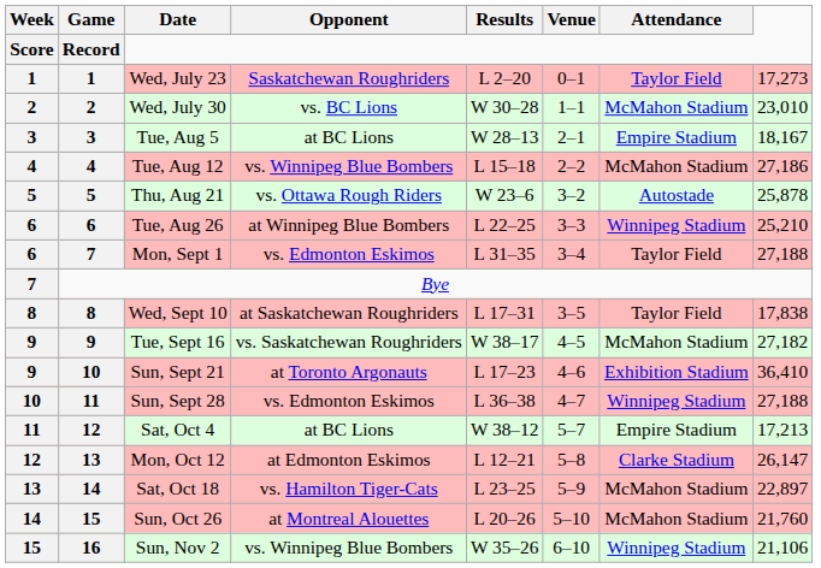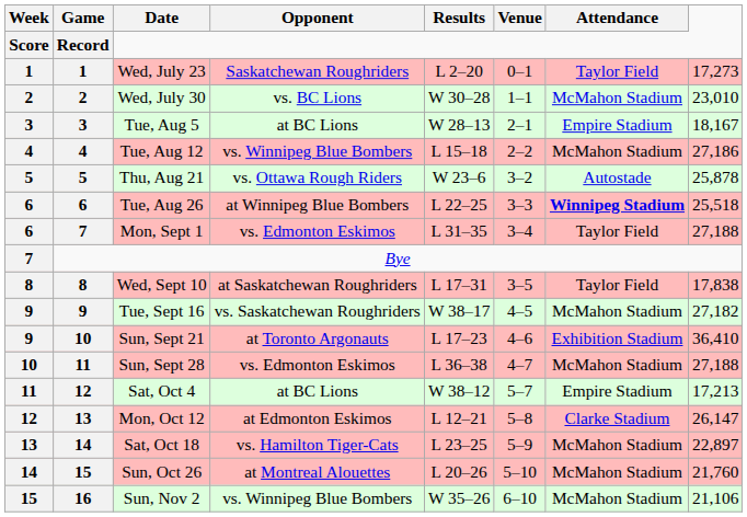 <table class="wikitable" style="text-align:center">
 <tr>
 <th>Week</th>
 <th>Game</th>
 <th>Date</th>
 <th>Opponent</th>
 <th>Results</th>
 <th>Venue</th>
 <th>Attendance</th>
 </tr>
 <tr>
 <th>Score</th>
 <th>Record</th>
 </tr>
 <tr style="background:#ffbbbb">
 <th>1</th>
 <th>1</th>
 <td>Wed, July 23</td>
 <td><a href='#'>Saskatchewan Roughriders</a></td>
 <td>L 2–20</td>
 <td>0–1</td>
 <td><a href='#'>Taylor Field</a></td>
 <td>17,273</td>
 </tr>
 <tr style="background:#ddffdd">
 <th>2</th>
 <th>2</th>
 <td>Wed, July 30</td>
 <td>vs. <a href='#'>BC Lions</a></td>
 <td>W 30–28</td>
 <td>1–1</td>
 <td><a href='#'>McMahon Stadium</a></td>
 <td>23,010</td>
 </tr>
 <tr style="background:#ddffdd">
 <th>3</th>
 <th>3</th>
 <td>Tue, Aug 5</td>
 <td>at BC Lions</td>
 <td>W 28–13</td>
 <td>2–1</td>
 <td><a href='#'>Empire Stadium</a></td>
 <td>18,167</td>
 </tr>
 <tr style="background:#ffbbbb">
 <th>4</th>
 <th>4</th>
 <td>Tue, Aug 12</td>
 <td>vs. <a href='#'>Winnipeg Blue Bombers</a></td>
 <td>L 15–18</td>
 <td>2–2</td>
 <td>McMahon Stadium</td>
 <td>27,186</td>
 </tr>
 <tr style="background:#ddffdd">
 <th>5</th>
 <th>5</th>
 <td>Thu, Aug 21</td>
 <td>vs. <a href='#'>Ottawa Rough Riders</a></td>
 <td>W 23–6</td>
 <td>3–2</td>
 <td><a href='#'>Autostade</a></td>
 <td>25,878</td>
 </tr>
 <tr style="background:#ffbbbb">
 <th>6</th>
 <th>6</th>
 <td>Tue, Aug 26</td>
 <td>at Winnipeg Blue Bombers</td>
 <td>L 22–25</td>
 <td>3–3</td>
-<td><a href='#'>Winnipeg Stadium</a></td>
-<td>25,210</td>
+<td><strong><a href='#'>Winnipeg Stadium</a></strong></td>
+<td>25,518</td>
 </tr>
 <tr style="background:#ffbbbb">
 <th>6</th>
 <th>7</th>
 <td>Mon, Sept 1</td>
 <td>vs. <a href='#'>Edmonton Eskimos</a></td>
 <td>L 31–35</td>
 <td>3–4</td>
 <td>Taylor Field</td>
 <td>27,188</td>
 </tr>
 <tr>
 <th>7</th>
 <td colspan=7><em><a href='#'>Bye</a></em></td>
 </tr>
 <tr style="background:#ffbbbb">
 <th>8</th>
 <th>8</th>
 <td>Wed, Sept 10</td>
 <td>at Saskatchewan Roughriders</td>
 <td>L 17–31</td>
 <td>3–5</td>
 <td>Taylor Field</td>
 <td>17,838</td>
 </tr>
 <tr style="background:#ddffdd">
 <th>9</th>
 <th>9</th>
 <td>Tue, Sept 16</td>
 <td>vs. Saskatchewan Roughriders</td>
 <td>W 38–17</td>
 <td>4–5</td>
 <td>McMahon Stadium</td>
 <td>27,182</td>
 </tr>
 <tr style="background:#ffbbbb">
 <th>9</th>
 <th>10</th>
 <td>Sun, Sept 21</td>
 <td>at <a href='#'>Toronto Argonauts</a></td>
 <td>L 17–23</td>
 <td>4–6</td>
 <td><a href='#'>Exhibition Stadium</a></td>
 <td>36,410</td>
 </tr>
 <tr style="background:#ffbbbb">
 <th>10</th>
 <th>11</th>
 <td>Sun, Sept 28</td>
 <td>vs. Edmonton Eskimos</td>
 <td>L 36–38</td>
 <td>4–7</td>
-<td><a href='#'>Winnipeg Stadium</a></td>
+<td>McMahon Stadium</td>
 <td>27,188</td>
 </tr>
 <tr style="background:#ddffdd">
 <th>11</th>
 <th>12</th>
 <td>Sat, Oct 4</td>
 <td>at BC Lions</td>
 <td>W 38–12</td>
 <td>5–7</td>
 <td>Empire Stadium</td>
 <td>17,213</td>
 </tr>
 <tr style="background:#ffbbbb">
 <th>12</th>
 <th>13</th>
 <td>Mon, Oct 12</td>
 <td>at Edmonton Eskimos</td>
 <td>L 12–21</td>
 <td>5–8</td>
 <td><a href='#'>Clarke Stadium</a></td>
 <td>26,147</td>
 </tr>
 <tr style="background:#ffbbbb">
 <th>13</th>
 <th>14</th>
 <td>Sat, Oct 18</td>
 <td>vs. <a href='#'>Hamilton Tiger-Cats</a></td>
 <td>L 23–25</td>
 <td>5–9</td>
 <td>McMahon Stadium</td>
 <td>22,897</td>
 </tr>
 <tr style="background:#ffbbbb">
 <th>14</th>
 <th>15</th>
 <td>Sun, Oct 26</td>
 <td>at <a href='#'>Montreal Alouettes</a></td>
 <td>L 20–26</td>
 <td>5–10</td>
 <td>McMahon Stadium</td>
 <td>21,760</td>
 </tr>
 <tr style="background:#ddffdd">
 <th>15</th>
 <th>16</th>
 <td>Sun, Nov 2</td>
 <td>vs. Winnipeg Blue Bombers</td>
 <td>W 35–26</td>
 <td>6–10</td>
-<td><a href='#'>Winnipeg Stadium</a></td>
+<td>McMahon Stadium</td>
 <td>21,106</td>
 </tr>
 </table>
